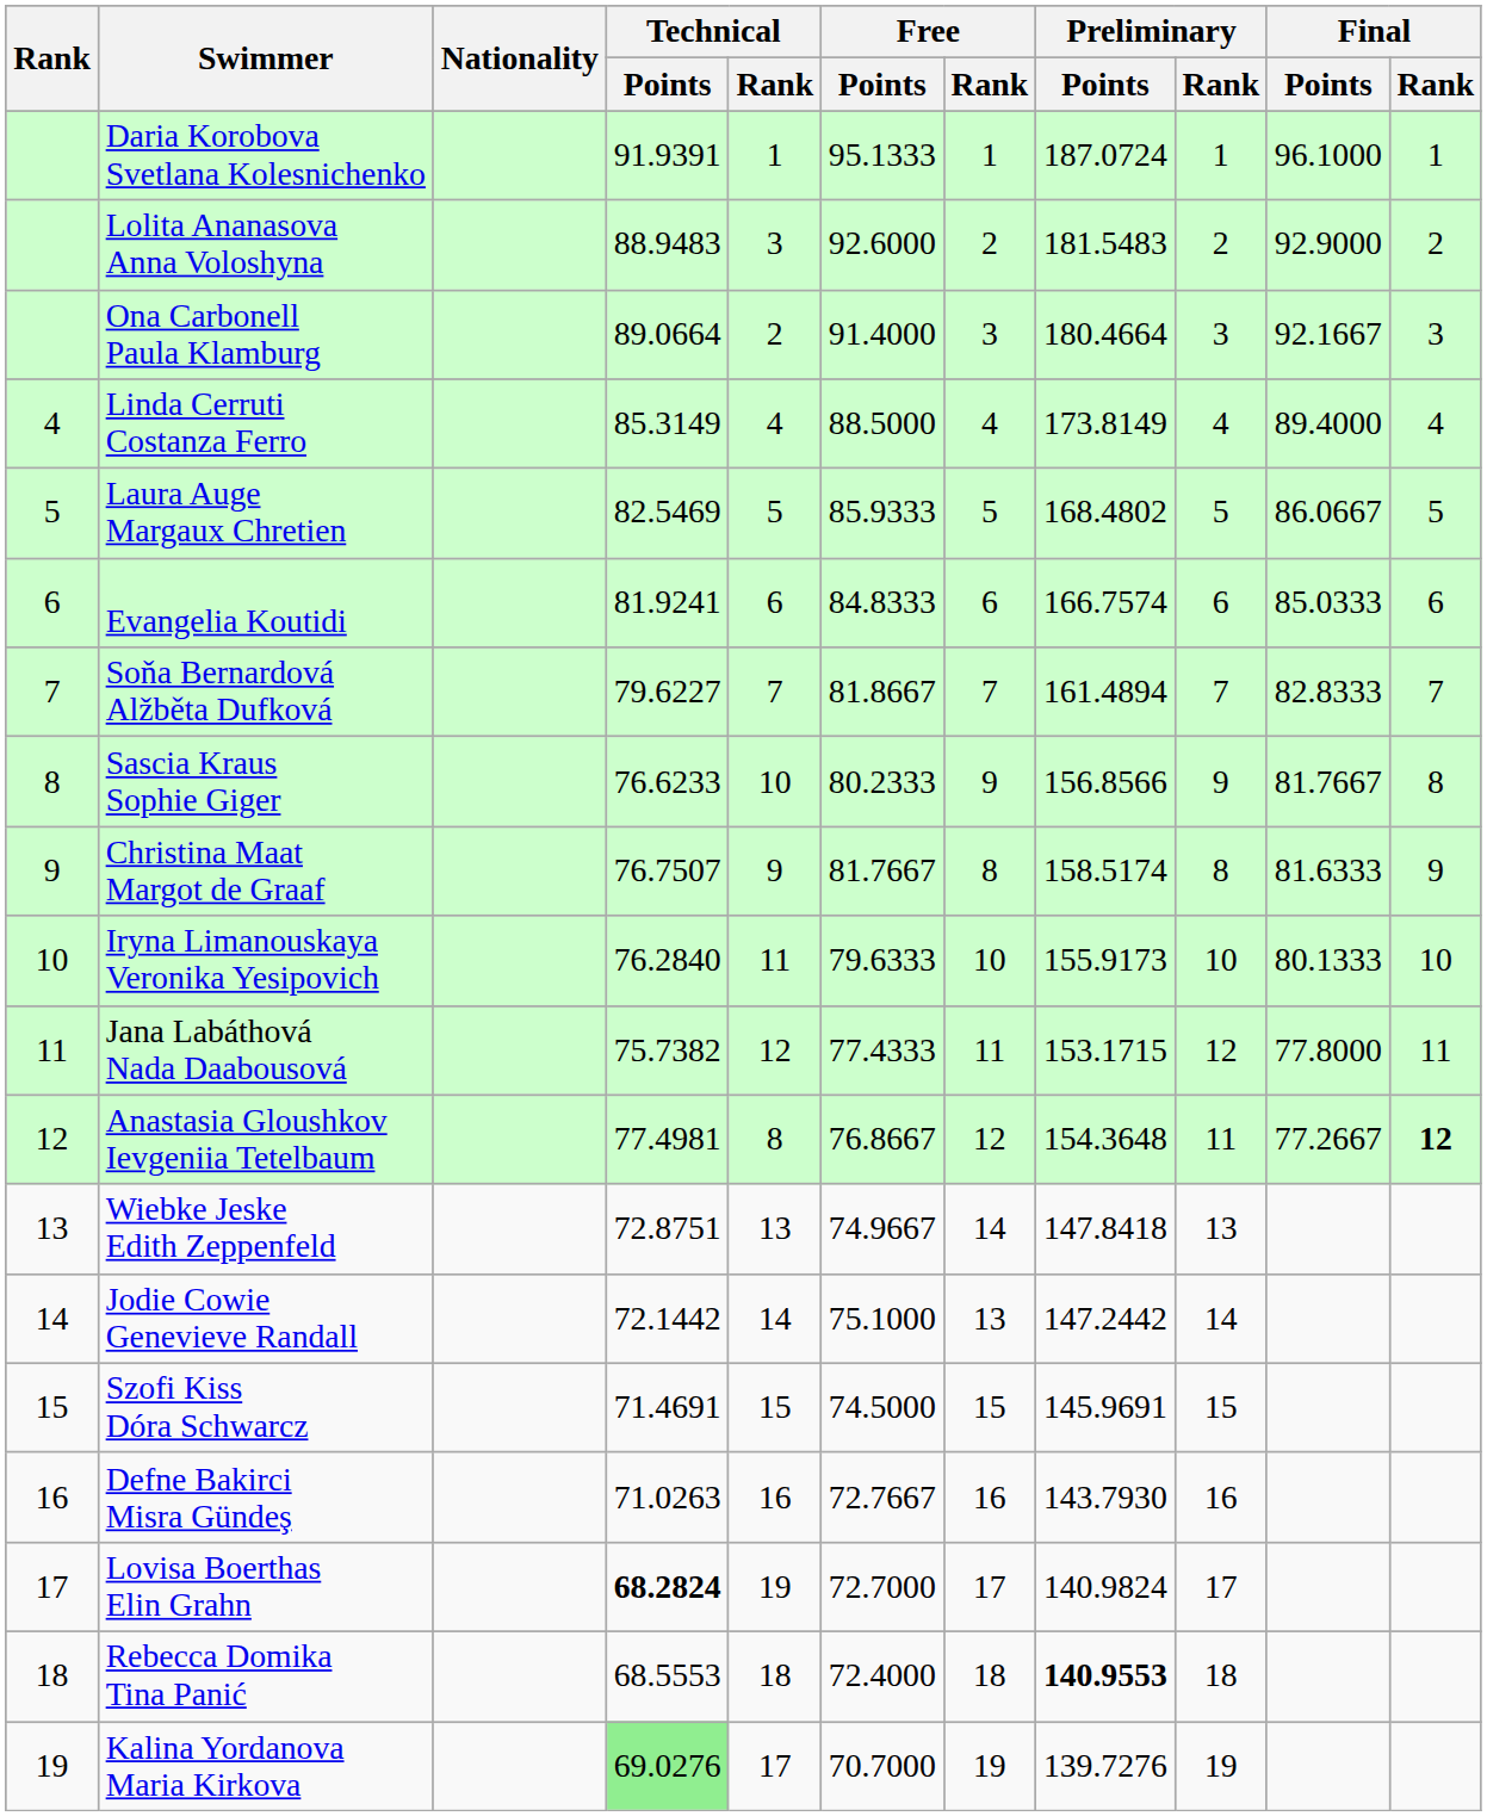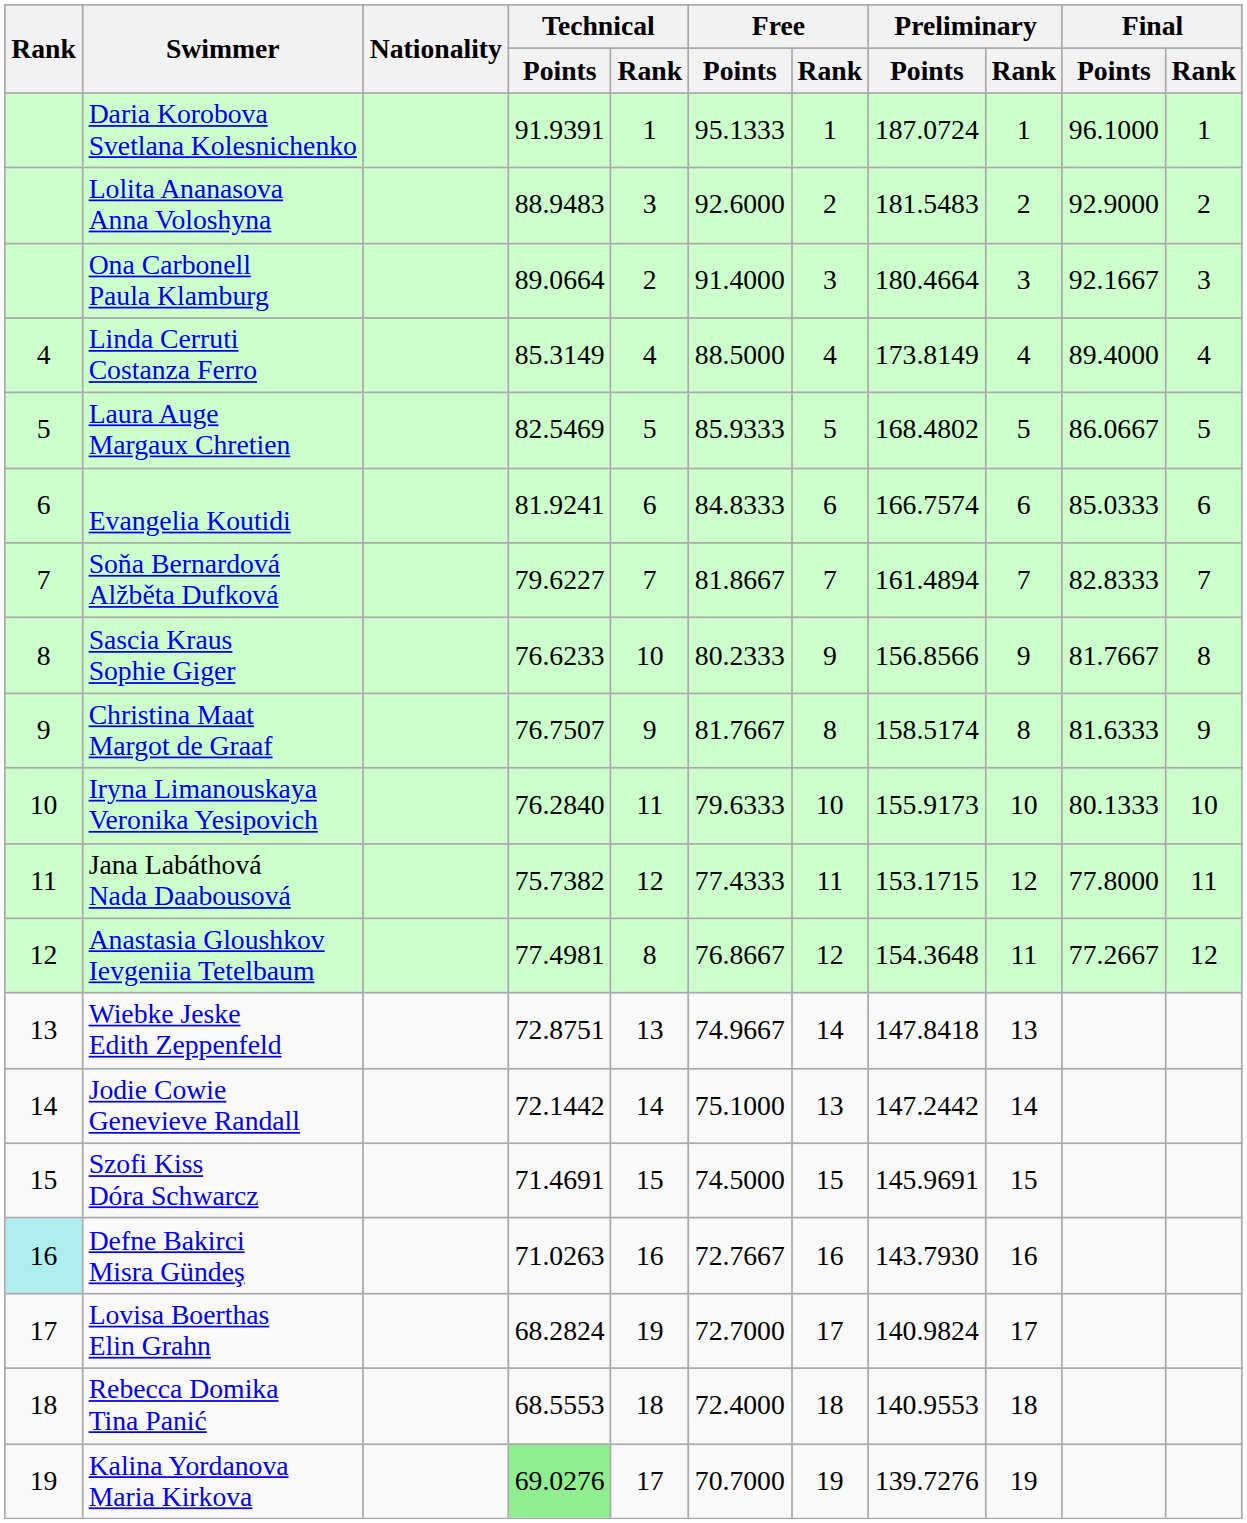 <table class="wikitable" style="text-align:center">
 <tr>
 <th rowspan="2">Rank</th>
 <th rowspan="2">Swimmer</th>
 <th rowspan="2">Nationality</th>
 <th colspan="2">Technical</th>
 <th colspan="2">Free</th>
 <th colspan="2">Preliminary</th>
 <th colspan="2">Final</th>
 </tr>
 <tr>
 <th>Points</th>
 <th>Rank</th>
 <th>Points</th>
 <th>Rank</th>
 <th>Points</th>
 <th>Rank</th>
 <th>Points</th>
 <th>Rank</th>
 </tr>
 <tr bgcolor=ccffcc>
 <td></td>
 <td align=left><a href='#'>Daria Korobova</a><br><a href='#'>Svetlana Kolesnichenko</a></td>
 <td align=left></td>
 <td>91.9391</td>
 <td>1</td>
 <td>95.1333</td>
 <td>1</td>
 <td>187.0724</td>
 <td>1</td>
 <td>96.1000</td>
 <td>1</td>
 </tr>
 <tr bgcolor=ccffcc>
 <td></td>
 <td align=left><a href='#'>Lolita Ananasova</a><br><a href='#'>Anna Voloshyna</a></td>
 <td align=left></td>
 <td>88.9483</td>
 <td>3</td>
 <td>92.6000</td>
 <td>2</td>
 <td>181.5483</td>
 <td>2</td>
 <td>92.9000</td>
 <td>2</td>
 </tr>
 <tr bgcolor=ccffcc>
 <td></td>
 <td align=left><a href='#'>Ona Carbonell</a><br><a href='#'>Paula Klamburg</a></td>
 <td align=left></td>
 <td>89.0664</td>
 <td>2</td>
 <td>91.4000</td>
 <td>3</td>
 <td>180.4664</td>
 <td>3</td>
 <td>92.1667</td>
 <td>3</td>
 </tr>
 <tr bgcolor=ccffcc>
 <td>4</td>
 <td align=left><a href='#'>Linda Cerruti</a><br><a href='#'>Costanza Ferro</a></td>
 <td align=left></td>
 <td>85.3149</td>
 <td>4</td>
 <td>88.5000</td>
 <td>4</td>
 <td>173.8149</td>
 <td>4</td>
 <td>89.4000</td>
 <td>4</td>
 </tr>
 <tr bgcolor=ccffcc>
 <td>5</td>
 <td align=left><a href='#'>Laura Auge</a><br><a href='#'>Margaux Chretien</a></td>
 <td align=left></td>
 <td>82.5469</td>
 <td>5</td>
 <td>85.9333</td>
 <td>5</td>
 <td>168.4802</td>
 <td>5</td>
 <td>86.0667</td>
 <td>5</td>
 </tr>
 <tr bgcolor=ccffcc>
 <td>6</td>
 <td align=left><br><a href='#'>Evangelia Koutidi</a></td>
 <td align=left></td>
 <td>81.9241</td>
 <td>6</td>
 <td>84.8333</td>
 <td>6</td>
 <td>166.7574</td>
 <td>6</td>
 <td>85.0333</td>
 <td>6</td>
 </tr>
 <tr bgcolor=ccffcc>
 <td>7</td>
 <td align=left><a href='#'>Soňa Bernardová</a><br><a href='#'>Alžběta Dufková</a></td>
 <td align=left></td>
 <td>79.6227</td>
 <td>7</td>
 <td>81.8667</td>
 <td>7</td>
 <td>161.4894</td>
 <td>7</td>
 <td>82.8333</td>
 <td>7</td>
 </tr>
 <tr bgcolor=ccffcc>
 <td>8</td>
 <td align=left><a href='#'>Sascia Kraus</a><br><a href='#'>Sophie Giger</a></td>
 <td align=left></td>
 <td>76.6233</td>
 <td>10</td>
 <td>80.2333</td>
 <td>9</td>
 <td>156.8566</td>
 <td>9</td>
 <td>81.7667</td>
 <td>8</td>
 </tr>
 <tr bgcolor=ccffcc>
 <td>9</td>
 <td align=left><a href='#'>Christina Maat</a><br><a href='#'>Margot de Graaf</a></td>
 <td align=left></td>
 <td>76.7507</td>
 <td>9</td>
 <td>81.7667</td>
 <td>8</td>
 <td>158.5174</td>
 <td>8</td>
 <td>81.6333</td>
 <td>9</td>
 </tr>
 <tr bgcolor=ccffcc>
 <td>10</td>
 <td align=left><a href='#'>Iryna Limanouskaya</a><br><a href='#'>Veronika Yesipovich</a></td>
 <td align=left></td>
 <td>76.2840</td>
 <td>11</td>
 <td>79.6333</td>
 <td>10</td>
 <td>155.9173</td>
 <td>10</td>
 <td>80.1333</td>
 <td>10</td>
 </tr>
 <tr bgcolor=ccffcc>
 <td>11</td>
 <td align=left>Jana Labáthová<br><a href='#'>Nada Daabousová</a></td>
 <td align=left></td>
 <td>75.7382</td>
 <td>12</td>
 <td>77.4333</td>
 <td>11</td>
 <td>153.1715</td>
 <td>12</td>
 <td>77.8000</td>
 <td>11</td>
 </tr>
 <tr bgcolor=ccffcc>
 <td>12</td>
 <td align=left><a href='#'>Anastasia Gloushkov</a><br><a href='#'>Ievgeniia Tetelbaum</a></td>
 <td align=left></td>
 <td>77.4981</td>
 <td>8</td>
 <td>76.8667</td>
 <td>12</td>
 <td>154.3648</td>
 <td>11</td>
 <td>77.2667</td>
-<td><strong>12</strong></td>
+<td>12</td>
 </tr>
 <tr>
 <td>13</td>
 <td align=left><a href='#'>Wiebke Jeske</a><br><a href='#'>Edith Zeppenfeld</a></td>
 <td align=left></td>
 <td>72.8751</td>
 <td>13</td>
 <td>74.9667</td>
 <td>14</td>
 <td>147.8418</td>
 <td>13</td>
 <td></td>
 <td></td>
 </tr>
 <tr>
 <td>14</td>
 <td align=left><a href='#'>Jodie Cowie</a><br><a href='#'>Genevieve Randall</a></td>
 <td align=left></td>
 <td>72.1442</td>
 <td>14</td>
 <td>75.1000</td>
 <td>13</td>
 <td>147.2442</td>
 <td>14</td>
 <td></td>
 <td></td>
 </tr>
 <tr>
 <td>15</td>
 <td align=left><a href='#'>Szofi Kiss</a><br><a href='#'>Dóra Schwarcz</a></td>
 <td align=left></td>
 <td>71.4691</td>
 <td>15</td>
 <td>74.5000</td>
 <td>15</td>
 <td>145.9691</td>
 <td>15</td>
 <td></td>
 <td></td>
 </tr>
 <tr>
-<td>16</td>
+<td style="background: paleturquoise;">16</td>
 <td align=left><a href='#'>Defne Bakirci</a><br><a href='#'>Misra Gündeş</a></td>
 <td align=left></td>
 <td>71.0263</td>
 <td>16</td>
 <td>72.7667</td>
 <td>16</td>
 <td>143.7930</td>
 <td>16</td>
 <td></td>
 <td></td>
 </tr>
 <tr>
 <td>17</td>
 <td align=left><a href='#'>Lovisa Boerthas</a><br><a href='#'>Elin Grahn</a></td>
 <td align=left></td>
-<td><strong>68.2824</strong></td>
+<td>68.2824</td>
 <td>19</td>
 <td>72.7000</td>
 <td>17</td>
 <td>140.9824</td>
 <td>17</td>
 <td></td>
 <td></td>
 </tr>
 <tr>
 <td>18</td>
 <td align=left><a href='#'>Rebecca Domika</a><br><a href='#'>Tina Panić</a></td>
 <td align=left></td>
 <td>68.5553</td>
 <td>18</td>
 <td>72.4000</td>
 <td>18</td>
-<td><strong>140.9553</strong></td>
+<td>140.9553</td>
 <td>18</td>
 <td></td>
 <td></td>
 </tr>
 <tr>
 <td>19</td>
 <td align=left><a href='#'>Kalina Yordanova</a><br><a href='#'>Maria Kirkova</a></td>
 <td align=left></td>
 <td style="background: lightgreen;">69.0276</td>
 <td>17</td>
 <td>70.7000</td>
 <td>19</td>
 <td>139.7276</td>
 <td>19</td>
 <td></td>
 <td></td>
 </tr>
 </table>
